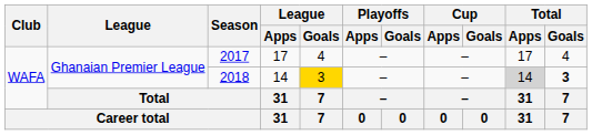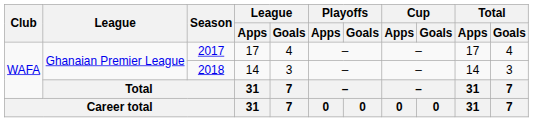 <table class="wikitable" style="text-align: center;">
 <tr>
 <th rowspan="2">Club</th>
 <th rowspan="2">League</th>
 <th rowspan="2">Season</th>
 <th colspan="2">League</th>
 <th colspan="2">Playoffs</th>
 <th colspan="2">Cup</th>
 <th colspan="2">Total</th>
 </tr>
 <tr>
 <th>Apps</th>
 <th>Goals</th>
 <th>Apps</th>
 <th>Goals</th>
 <th>Apps</th>
 <th>Goals</th>
 <th>Apps</th>
 <th>Goals</th>
 </tr>
 <tr>
 <td rowspan="3"><a href='#'>WAFA</a></td>
 <td rowspan="2"><a href='#'>Ghanaian Premier League</a></td>
 <td><a href='#'>2017</a></td>
 <td>17</td>
 <td>4</td>
 <td colspan="2">–</td>
 <td colspan="2">–</td>
 <td>17</td>
 <td>4</td>
 </tr>
 <tr>
 <td><a href='#'>2018</a></td>
 <td>14</td>
-<td style="background: gold;">3</td>
+<td>3</td>
 <td colspan="2">–</td>
 <td colspan="2">–</td>
-<td style="background: lightgrey;">14</td>
-<td><strong>3</strong></td>
+<td>14</td>
+<td>3</td>
 </tr>
 <tr>
 <th colspan="2">Total</th>
 <th>31</th>
 <th>7</th>
 <th colspan="2">–</th>
 <th colspan="2">–</th>
 <th>31</th>
 <th>7</th>
 </tr>
 <tr>
 <th colspan="3">Career total</th>
 <th>31</th>
 <th>7</th>
 <th>0</th>
 <th>0</th>
 <th>0</th>
 <th>0</th>
 <th>31</th>
 <th>7</th>
 </tr>
 </table>
